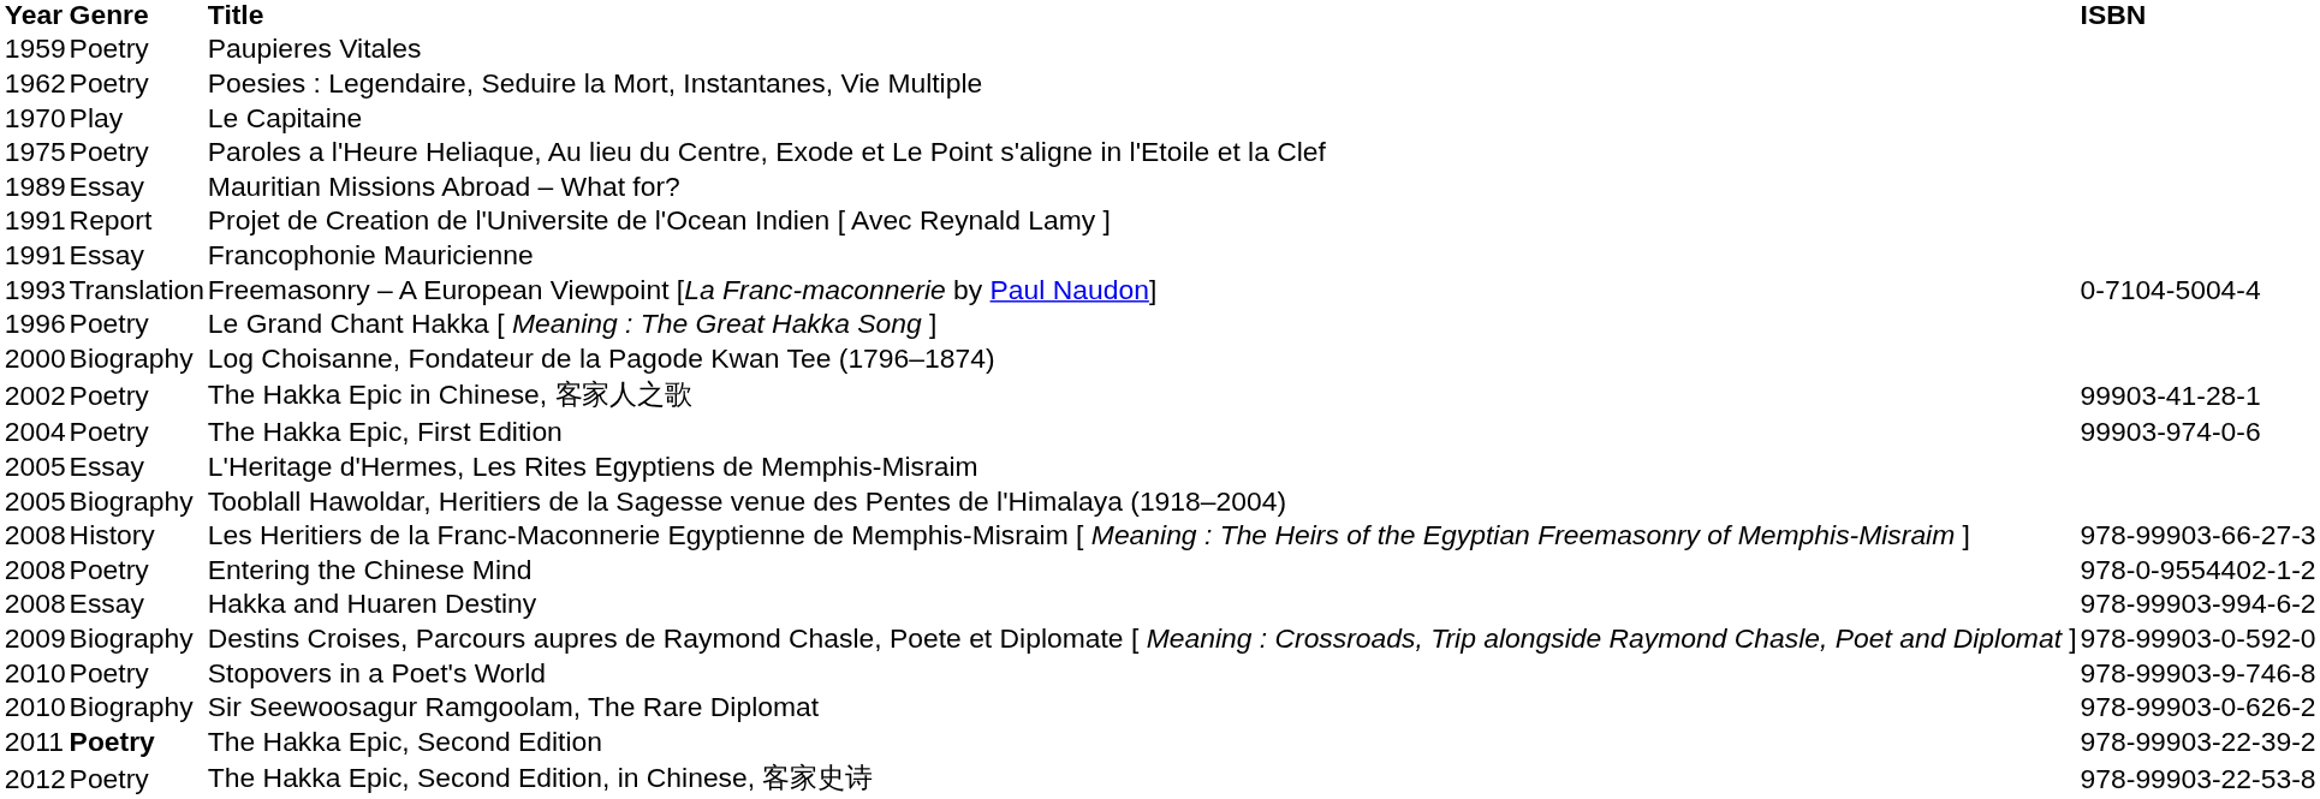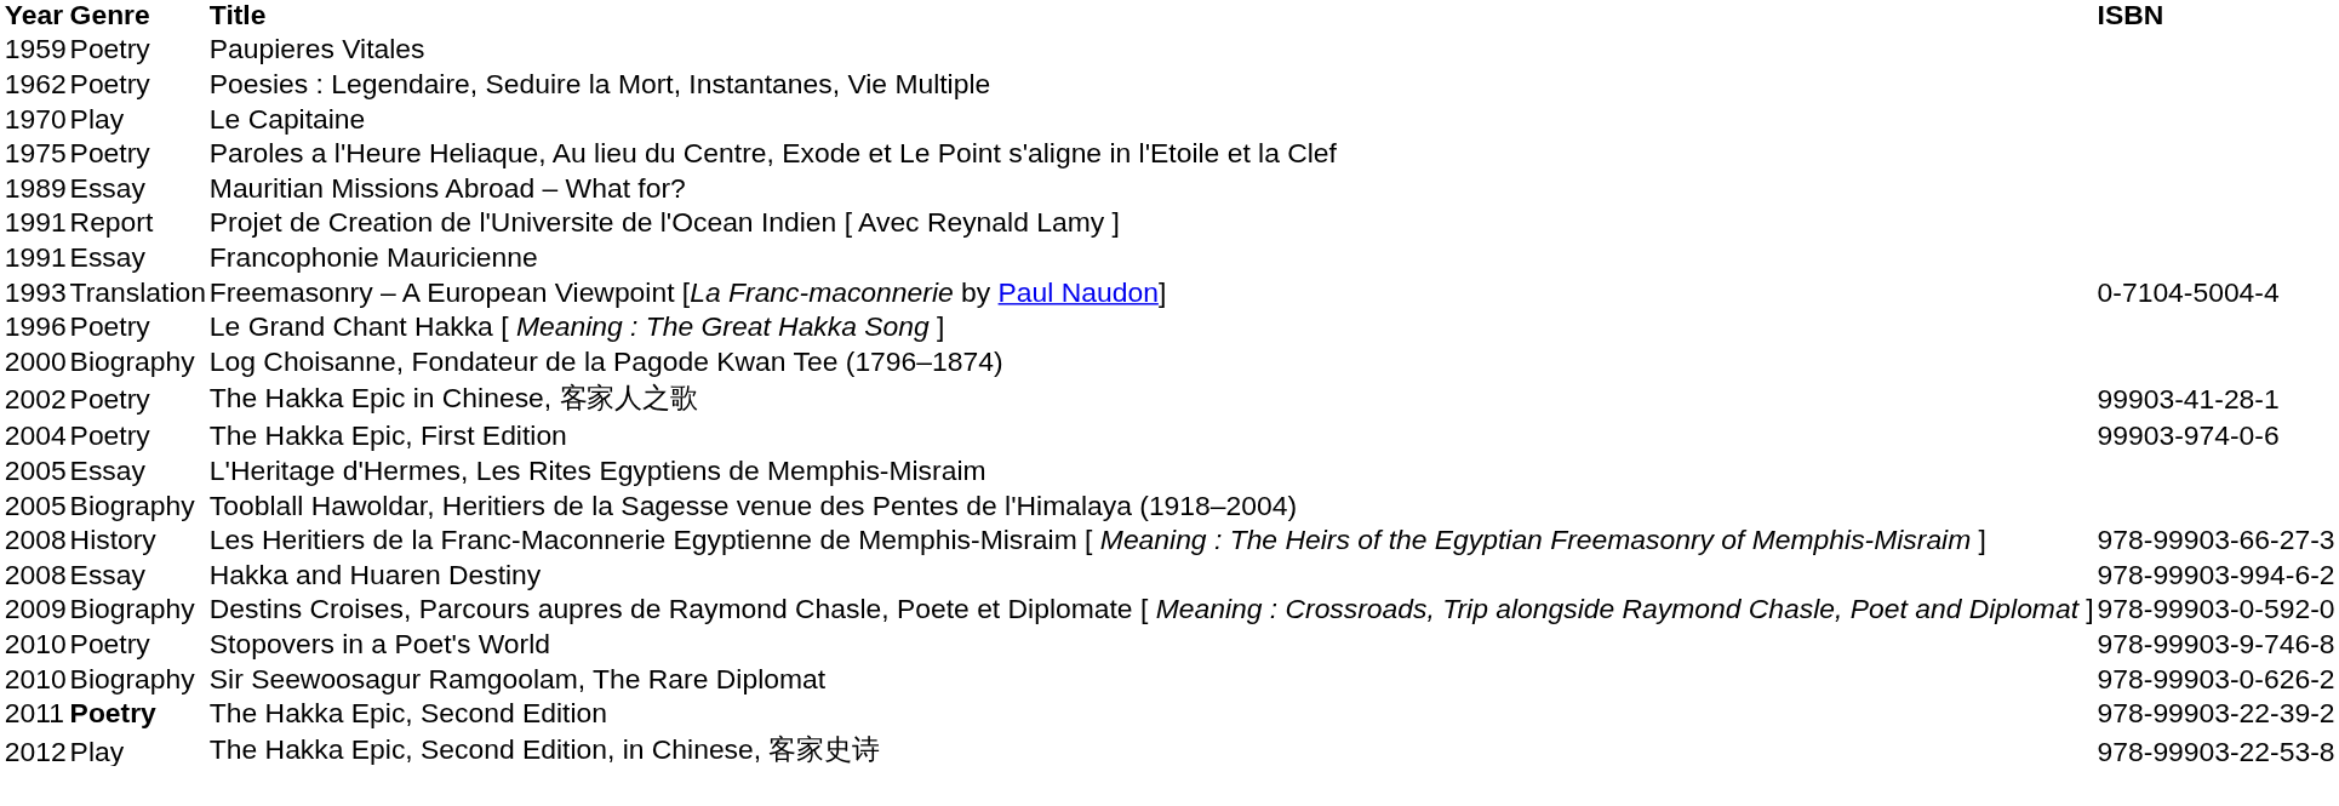 <table cellpadding="cellspacing=" style="position:relative; left:30">
 <tr>
 <td><strong>Year </strong></td>
 <td><strong>Genre</strong></td>
 <td><strong>Title</strong></td>
 <td><strong>ISBN</strong></td>
 </tr>
 <tr>
 <td>1959</td>
 <td>Poetry</td>
 <td>Paupieres Vitales</td>
 </tr>
 <tr>
 <td>1962</td>
 <td>Poetry</td>
 <td>Poesies : Legendaire, Seduire la Mort, Instantanes, Vie Multiple</td>
 </tr>
 <tr>
 <td>1970</td>
 <td>Play</td>
 <td>Le Capitaine</td>
 </tr>
 <tr>
 <td>1975</td>
 <td>Poetry</td>
 <td>Paroles a l'Heure Heliaque, Au lieu du Centre, Exode et Le Point s'aligne in l'Etoile et la Clef</td>
 </tr>
 <tr>
 <td>1989</td>
 <td>Essay</td>
 <td>Mauritian Missions Abroad – What for?</td>
 </tr>
 <tr>
 <td>1991</td>
 <td>Report</td>
 <td>Projet de Creation de l'Universite de l'Ocean Indien [ Avec Reynald Lamy ]</td>
 </tr>
 <tr>
 <td>1991</td>
 <td>Essay</td>
 <td>Francophonie Mauricienne</td>
 </tr>
 <tr>
 <td>1993</td>
 <td>Translation</td>
 <td>Freemasonry – A European Viewpoint [<em>La Franc-maconnerie</em> by <a href='#'>Paul Naudon</a>]</td>
 <td>0-7104-5004-4</td>
 </tr>
 <tr>
 <td>1996</td>
 <td>Poetry</td>
 <td>Le Grand Chant Hakka [ <em>Meaning : The Great Hakka Song</em> ]</td>
 </tr>
 <tr>
 <td>2000</td>
 <td>Biography</td>
 <td>Log Choisanne, Fondateur de la Pagode Kwan Tee (1796–1874)</td>
 </tr>
 <tr>
 <td>2002</td>
 <td>Poetry</td>
 <td>The Hakka Epic in Chinese, 客家人之歌</td>
 <td>99903-41-28-1</td>
 </tr>
 <tr>
 <td>2004</td>
 <td>Poetry</td>
 <td>The Hakka Epic, First Edition</td>
 <td>99903-974-0-6</td>
 </tr>
 <tr>
 <td>2005</td>
 <td>Essay</td>
 <td>L'Heritage d'Hermes, Les Rites Egyptiens de Memphis-Misraim</td>
 </tr>
 <tr>
 <td>2005</td>
 <td>Biography</td>
 <td>Tooblall Hawoldar, Heritiers de la Sagesse venue des Pentes de l'Himalaya (1918–2004)</td>
 </tr>
 <tr>
 <td>2008</td>
 <td>History</td>
 <td>Les Heritiers de la Franc-Maconnerie Egyptienne de Memphis-Misraim [ <em>Meaning : The Heirs of the Egyptian Freemasonry of Memphis-Misraim</em> ]</td>
 <td>978-99903-66-27-3</td>
 </tr>
 <tr>
 <td>2008</td>
-<td>Poetry</td>
-<td>Entering the Chinese Mind</td>
-<td>978-0-9554402-1-2</td>
-</tr>
-<tr>
-<td>2008</td>
 <td>Essay</td>
 <td>Hakka and Huaren Destiny</td>
 <td>978-99903-994-6-2</td>
 </tr>
 <tr>
 <td>2009</td>
 <td>Biography</td>
 <td>Destins Croises, Parcours aupres de Raymond Chasle, Poete et Diplomate [ <em>Meaning : Crossroads, Trip alongside Raymond Chasle, Poet and Diplomat</em> ]</td>
 <td>978-99903-0-592-0</td>
 </tr>
 <tr>
 <td>2010</td>
 <td>Poetry</td>
 <td>Stopovers in a Poet's World</td>
 <td>978-99903-9-746-8</td>
 </tr>
 <tr>
 <td>2010</td>
 <td>Biography</td>
 <td>Sir Seewoosagur Ramgoolam, The Rare Diplomat</td>
 <td>978-99903-0-626-2</td>
 </tr>
 <tr>
 <td>2011</td>
 <td><strong>Poetry</strong></td>
 <td>The Hakka Epic, Second Edition</td>
 <td>978-99903-22-39-2</td>
 </tr>
 <tr>
 <td>2012</td>
-<td>Poetry</td>
+<td>Play</td>
 <td>The Hakka Epic, Second Edition, in Chinese, 客家史诗</td>
 <td>978-99903-22-53-8</td>
 </tr>
 </table>
